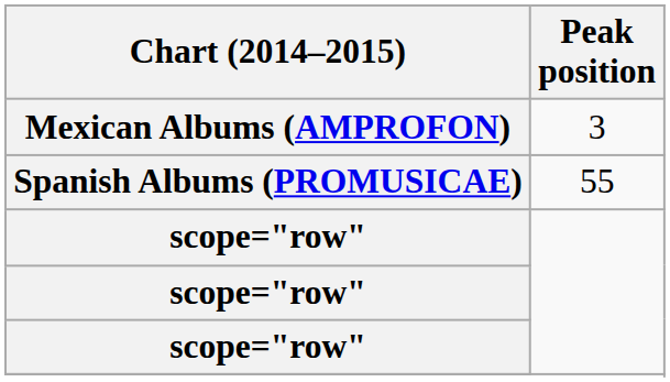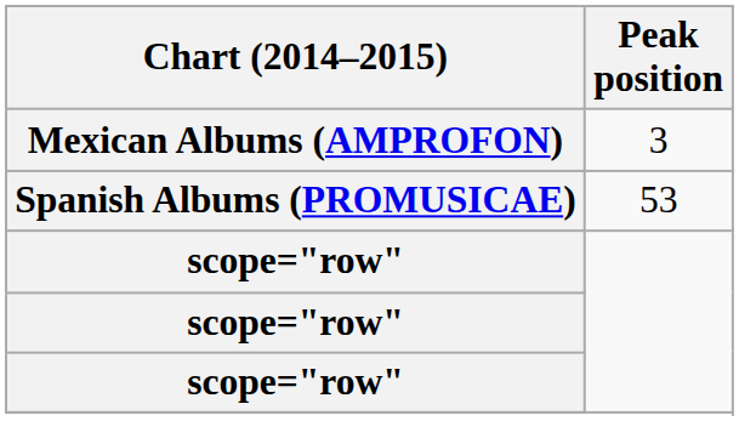 <table class="wikitable sortable plainrowheaders">
 <tr>
 <th scope="col">Chart (2014–2015)</th>
 <th scope="col">Peak<br>position</th>
 </tr>
 <tr>
 <th scope="row">Mexican Albums (<a href='#'>AMPROFON</a>)</th>
 <td style="text-align:center;">3</td>
 </tr>
 <tr>
 <th scope="row">Spanish Albums (<a href='#'>PROMUSICAE</a>)</th>
-<td style="text-align:center;">55</td>
+<td style="text-align:center;">53</td>
 </tr>
 <tr>
 <th>scope="row"</th>
 </tr>
 <tr>
 <th>scope="row"</th>
 </tr>
 <tr>
 <th>scope="row"</th>
 </tr>
 <tr>
 </tr>
 </table>
